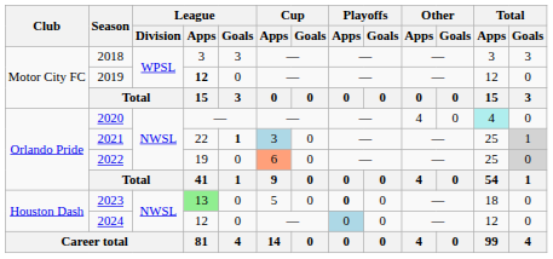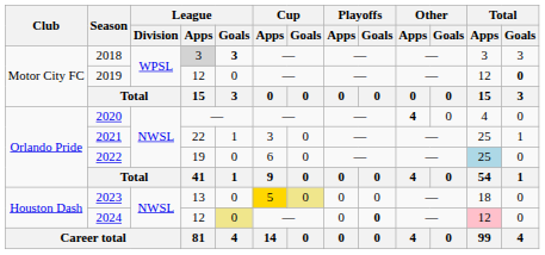 <table class="wikitable" style="text-align: center;">
 <tr>
 <th rowspan="2">Club</th>
 <th rowspan="2">Season</th>
 <th colspan="3">League</th>
 <th colspan="2">Cup</th>
 <th colspan="2">Playoffs</th>
 <th colspan="2">Other</th>
 <th colspan="2">Total</th>
 </tr>
 <tr>
 <th>Division</th>
 <th>Apps</th>
 <th>Goals</th>
 <th>Apps</th>
 <th>Goals</th>
 <th>Apps</th>
 <th>Goals</th>
 <th>Apps</th>
 <th>Goals</th>
 <th>Apps</th>
 <th>Goals</th>
 </tr>
 <tr>
 <td rowspan="3">Motor City FC</td>
 <td>2018</td>
 <td rowspan="2"><a href='#'>WPSL</a></td>
-<td>3</td>
-<td>3</td>
+<td style="background: lightgrey;">3</td>
+<td><strong>3</strong></td>
 <td colspan="2">—</td>
 <td colspan="2">—</td>
 <td colspan="2">—</td>
 <td>3</td>
 <td>3</td>
 </tr>
 <tr>
 <td>2019</td>
-<td><strong>12</strong></td>
+<td>12</td>
 <td>0</td>
 <td colspan="2">—</td>
 <td colspan="2">—</td>
 <td colspan="2">—</td>
 <td>12</td>
-<td>0</td>
+<td><strong>0</strong></td>
 </tr>
 <tr>
 <th colspan="2">Total</th>
 <th>15</th>
 <th>3</th>
 <th>0</th>
 <th>0</th>
 <th>0</th>
 <th>0</th>
 <th>0</th>
 <th>0</th>
 <th>15</th>
 <th>3</th>
 </tr>
 <tr>
 <td rowspan="4"><a href='#'>Orlando Pride</a></td>
 <td><a href='#'>2020</a></td>
 <td rowspan="3"><a href='#'>NWSL</a></td>
 <td colspan="2">—</td>
 <td colspan="2">—</td>
 <td colspan="2">—</td>
+<td><strong>4</strong></td>
+<td>0</td>
 <td>4</td>
-<td>0</td>
-<td style="background: paleturquoise;">4</td>
 <td>0</td>
 </tr>
 <tr>
 <td><a href='#'>2021</a></td>
 <td>22</td>
-<td><strong>1</strong></td>
-<td style="background: lightblue;">3</td>
+<td>1</td>
+<td>3</td>
 <td>0</td>
 <td colspan="2">—</td>
 <td colspan="2">—</td>
 <td>25</td>
-<td style="background: lightgrey;">1</td>
+<td>1</td>
 </tr>
 <tr>
 <td><a href='#'>2022</a></td>
 <td>19</td>
 <td>0</td>
-<td style="background: lightsalmon;">6</td>
+<td>6</td>
 <td>0</td>
 <td colspan="2">—</td>
 <td colspan="2">—</td>
-<td>25</td>
-<td style="background: lightgrey;">0</td>
+<td style="background: lightblue;">25</td>
+<td>0</td>
 </tr>
 <tr>
 <th colspan="2">Total</th>
 <th>41</th>
 <th>1</th>
 <th>9</th>
 <th>0</th>
 <th>0</th>
 <th>0</th>
 <th>4</th>
 <th>0</th>
 <th>54</th>
 <th>1</th>
 </tr>
 <tr>
 <td rowspan=2><a href='#'>Houston Dash</a></td>
 <td><a href='#'>2023</a></td>
 <td rowspan=2><a href='#'>NWSL</a></td>
-<td style="background: lightgreen;">13</td>
+<td>13</td>
 <td>0</td>
-<td>5</td>
+<td style="background: gold;">5</td>
+<td style="background: khaki;">0</td>
 <td>0</td>
-<td><strong>0</strong></td>
 <td>0</td>
 <td colspan="2">—</td>
 <td>18</td>
 <td>0</td>
 </tr>
 <tr>
 <td><a href='#'>2024</a></td>
 <td>12</td>
+<td style="background: khaki;">0</td>
+<td colspan="2">—</td>
 <td>0</td>
+<td><strong>0</strong></td>
 <td colspan="2">—</td>
-<td style="background: lightblue;">0</td>
-<td>0</td>
-<td colspan="2">—</td>
-<td>12</td>
+<td style="background: pink;">12</td>
 <td>0</td>
 </tr>
 <tr>
 <th colspan="3">Career total</th>
 <th>81</th>
 <th>4</th>
 <th>14</th>
 <th>0</th>
 <th>0</th>
 <th>0</th>
 <th>4</th>
 <th>0</th>
 <th>99</th>
 <th>4</th>
 </tr>
 </table>
